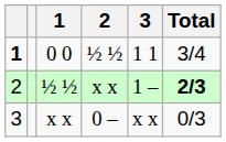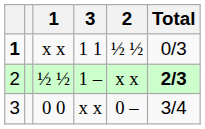 <table class="wikitable" style="margin: 1em auto 1em auto; text-align:center;">
 <tr>
 <th></th>
 <th></th>
 <th>1</th>
+<th>3</th>
 <th>2</th>
-<th>3</th>
 <th>Total</th>
 </tr>
 <tr>
 <td><strong>1</strong></td>
 <td align=left></td>
-<td style="font-family:'lucida console',mono;">0 0</td>
+<td style="font-family:'lucida console',mono;">x x</td>
+<td style="font-family:'lucida console',mono;">1 1</td>
 <td style="font-family:'lucida console',mono;">½ ½</td>
-<td style="font-family:'lucida console',mono;">1 1</td>
-<td>3/4</td>
+<td>0/3</td>
 </tr>
 <tr style="background:#ccffcc;">
 <td>2</td>
 <td align=left></td>
 <td style="font-family:'lucida console',mono;">½ ½</td>
+<td style="font-family:'lucida console',mono;">1 –</td>
 <td style="font-family:'lucida console',mono;">x x</td>
-<td style="font-family:'lucida console',mono;">1 –</td>
 <td><strong>2/3</strong></td>
 </tr>
 <tr>
 <td>3</td>
 <td align=left></td>
+<td style="font-family:'lucida console',mono;">0 0</td>
 <td style="font-family:'lucida console',mono;">x x</td>
 <td style="font-family:'lucida console',mono;">0 –</td>
-<td style="font-family:'lucida console',mono;">x x</td>
-<td>0/3</td>
+<td>3/4</td>
 </tr>
 </table>
